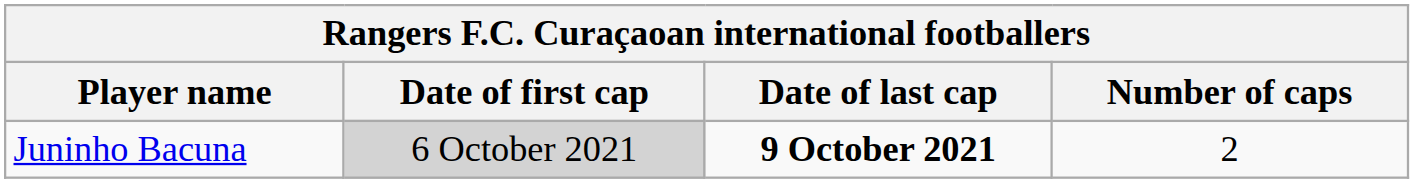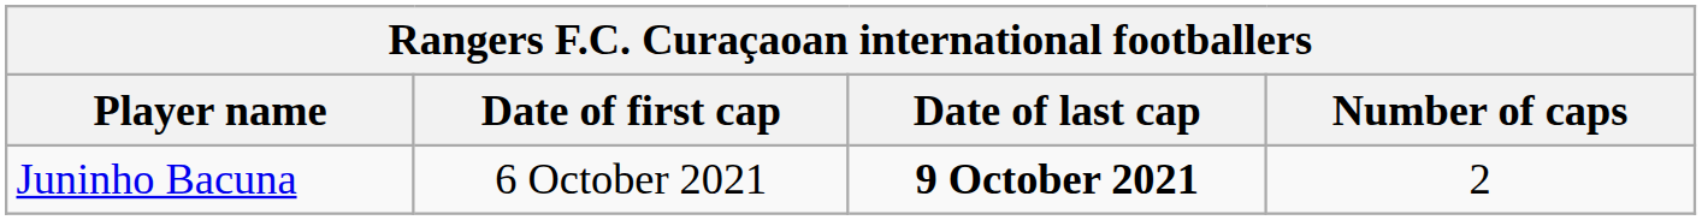 <table class="wikitable plainrowheaders" style="width: 70%;">
 <tr>
 <th colspan=5>Rangers F.C. Curaçaoan international footballers </th>
 </tr>
 <tr>
 <th scope="col">Player name</th>
 <th scope="col">Date of first cap</th>
 <th scope="col">Date of last cap</th>
 <th scope="col">Number of caps</th>
 </tr>
 <tr>
 <td><a href='#'>Juninho Bacuna</a></td>
-<td align="center" style="background: lightgrey;">6 October 2021</td>
+<td align="center">6 October 2021</td>
 <td align="center"><strong>9 October 2021</strong></td>
 <td align="center">2</td>
 </tr>
 </table>
